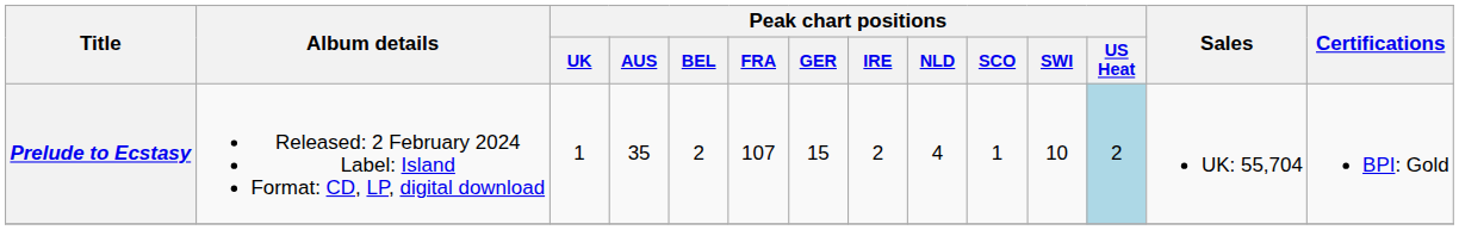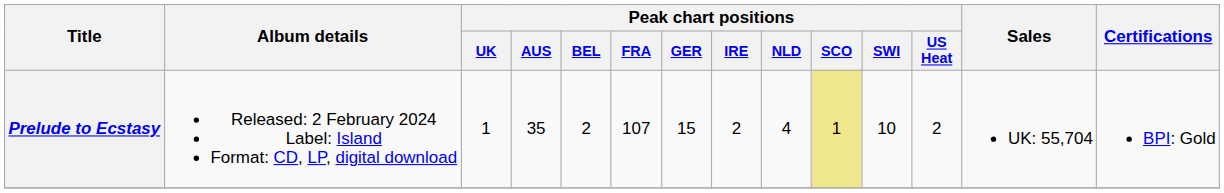 <table class="wikitable plainrowheaders" style="text-align:center;">
 <tr>
 <th scope="col" rowspan="2">Title</th>
 <th scope="col" rowspan="2">Album details</th>
 <th scope="col" colspan="10">Peak chart positions</th>
 <th scope="col" rowspan="2">Sales</th>
 <th scope="col" rowspan="2"><a href='#'>Certifications</a></th>
 </tr>
 <tr>
 <th scope="col" style="width:3em;font-size:85%"><a href='#'>UK</a><br></th>
 <th scope="col" style="width:3em;font-size:85%"><a href='#'>AUS</a><br></th>
 <th scope="col" style="width:3em;font-size:85%;"><a href='#'>BEL</a><br></th>
 <th scope="col" style="width:3em;font-size:85%;"><a href='#'>FRA</a><br></th>
 <th scope="col" style="width:3em;font-size:85%"><a href='#'>GER</a><br></th>
 <th scope="col" style="width:3em;font-size:85%"><a href='#'>IRE</a><br></th>
 <th scope="col" style="width:3em;font-size:85%"><a href='#'>NLD</a><br></th>
 <th scope="col" style="width:3em;font-size:85%;"><a href='#'>SCO</a><br></th>
 <th scope="col" style="width:3em;font-size:85%;"><a href='#'>SWI</a><br></th>
 <th scope="col" style="width:3em;font-size:85%;"><a href='#'>US<br>Heat</a><br></th>
 </tr>
 <tr>
 <th scope="row"><em><a href='#'>Prelude to Ecstasy</a></em></th>
 <td><br><ul><li>Released: 2 February 2024</li><li>Label: <a href='#'>Island</a></li><li>Format: <a href='#'>CD</a>, <a href='#'>LP</a>, <a href='#'>digital download</a></li></ul></td>
 <td>1</td>
 <td>35</td>
 <td>2</td>
 <td>107</td>
 <td>15</td>
 <td>2</td>
 <td>4</td>
-<td>1</td>
+<td style="background: khaki;">1</td>
 <td>10</td>
-<td style="background: lightblue;">2</td>
+<td>2</td>
 <td><br><ul><li>UK: 55,704</li></ul></td>
 <td><br><ul><li><a href='#'>BPI</a>: Gold</li></ul></td>
 </tr>
 <tr>
 </tr>
 </table>
